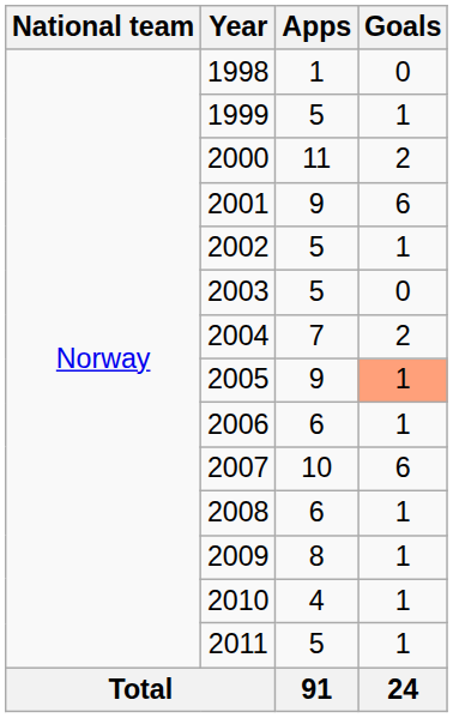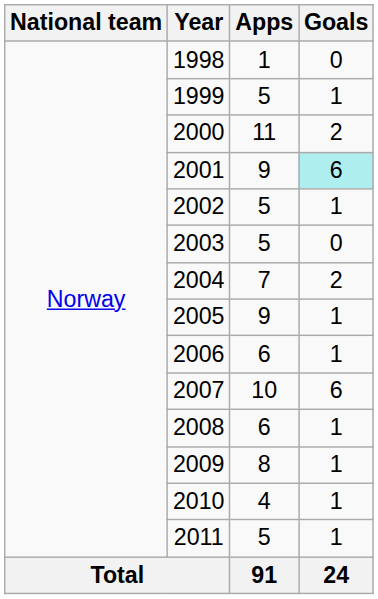 <table class="wikitable" style="text-align:center">
 <tr>
 <th>National team</th>
 <th>Year</th>
 <th>Apps</th>
 <th>Goals</th>
 </tr>
 <tr>
 <td rowspan="14"><a href='#'>Norway</a></td>
 <td>1998</td>
 <td>1</td>
 <td>0</td>
 </tr>
 <tr>
 <td>1999</td>
 <td>5</td>
 <td>1</td>
 </tr>
 <tr>
 <td>2000</td>
 <td>11</td>
 <td>2</td>
 </tr>
 <tr>
 <td>2001</td>
 <td>9</td>
-<td>6</td>
+<td style="background: paleturquoise;">6</td>
 </tr>
 <tr>
 <td>2002</td>
 <td>5</td>
 <td>1</td>
 </tr>
 <tr>
 <td>2003</td>
 <td>5</td>
 <td>0</td>
 </tr>
 <tr>
 <td>2004</td>
 <td>7</td>
 <td>2</td>
 </tr>
 <tr>
 <td>2005</td>
 <td>9</td>
-<td style="background: lightsalmon;">1</td>
+<td>1</td>
 </tr>
 <tr>
 <td>2006</td>
 <td>6</td>
 <td>1</td>
 </tr>
 <tr>
 <td>2007</td>
 <td>10</td>
 <td>6</td>
 </tr>
 <tr>
 <td>2008</td>
 <td>6</td>
 <td>1</td>
 </tr>
 <tr>
 <td>2009</td>
 <td>8</td>
 <td>1</td>
 </tr>
 <tr>
 <td>2010</td>
 <td>4</td>
 <td>1</td>
 </tr>
 <tr>
 <td>2011</td>
 <td>5</td>
 <td>1</td>
 </tr>
 <tr>
 <th colspan="2">Total</th>
 <th>91</th>
 <th>24</th>
 </tr>
 </table>
